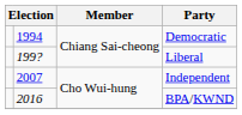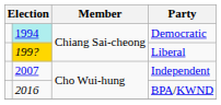 <table class="wikitable">
 <tr>
 <th colspan="2">Election</th>
 <th>Member</th>
 <th>Party</th>
 </tr>
 <tr>
 <td style="background-color:"></td>
-<td><a href='#'>1994</a></td>
+<td style="background: paleturquoise;"><a href='#'>1994</a></td>
 <td rowspan=2>Chiang Sai-cheong</td>
 <td><a href='#'>Democratic</a></td>
 </tr>
 <tr>
 <td style="background-color:"></td>
-<td><em>199?</em></td>
+<td style="background: gold;"><em>199?</em></td>
 <td><a href='#'>Liberal</a></td>
 </tr>
 <tr>
 <td style="background-color:"></td>
 <td><a href='#'>2007</a></td>
 <td rowspan=2>Cho Wui-hung</td>
 <td><a href='#'>Independent</a></td>
 </tr>
 <tr>
 <td style="background-color:"></td>
 <td><em>2016</em></td>
 <td><a href='#'>BPA</a>/<a href='#'>KWND</a></td>
 </tr>
 <tr>
 </tr>
 </table>
